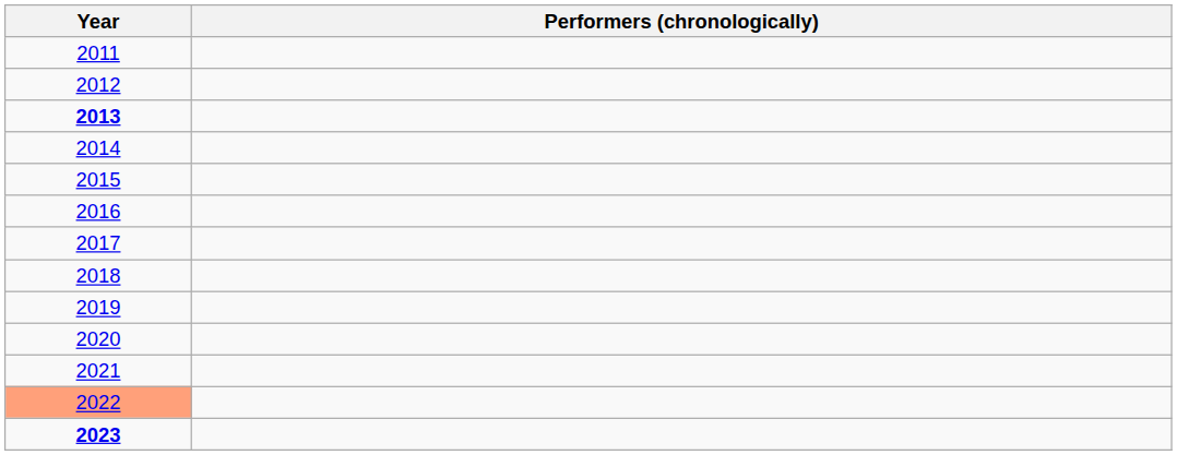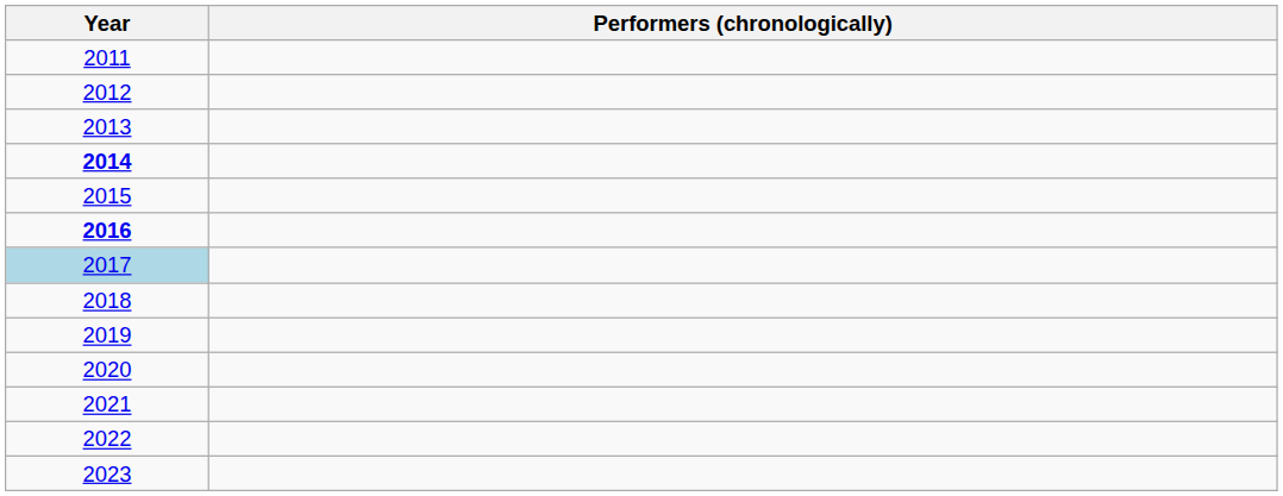 <table class="wikitable sortable" style="font-size:95%; width:100%;">
 <tr>
 <th>Year</th>
 <th>Performers (chronologically)</th>
 </tr>
 <tr>
 <td align="center"><a href='#'>2011</a></td>
 <td></td>
 </tr>
 <tr>
 <td align="center"><a href='#'>2012</a></td>
 <td></td>
 </tr>
 <tr>
-<td align="center"><strong><a href='#'>2013</a></strong></td>
+<td align="center"><a href='#'>2013</a></td>
 <td></td>
 </tr>
 <tr>
-<td align="center"><a href='#'>2014</a></td>
+<td align="center"><strong><a href='#'>2014</a></strong></td>
 <td></td>
 </tr>
 <tr>
 <td align="center"><a href='#'>2015</a></td>
 <td></td>
 </tr>
 <tr>
-<td align="center"><a href='#'>2016</a></td>
+<td align="center"><strong><a href='#'>2016</a></strong></td>
 <td></td>
 </tr>
 <tr>
-<td align="center"><a href='#'>2017</a></td>
+<td align="center" style="background: lightblue;"><a href='#'>2017</a></td>
 <td></td>
 </tr>
 <tr>
 <td align="center"><a href='#'>2018</a></td>
 <td></td>
 </tr>
 <tr>
 <td align="center"><a href='#'>2019</a></td>
 <td></td>
 </tr>
 <tr>
 <td align="center"><a href='#'>2020</a></td>
 <td></td>
 </tr>
 <tr>
 <td align="center"><a href='#'>2021</a></td>
 <td></td>
 </tr>
 <tr>
-<td align="center" style="background: lightsalmon;"><a href='#'>2022</a></td>
+<td align="center"><a href='#'>2022</a></td>
 <td></td>
 </tr>
 <tr>
-<td align="center"><strong><a href='#'>2023</a></strong></td>
+<td align="center"><a href='#'>2023</a></td>
 <td></td>
 </tr>
 </table>
